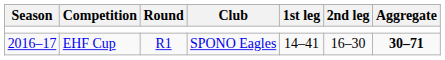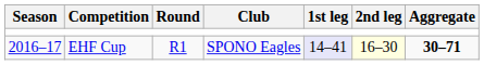 <table class="wikitable">
 <tr>
 <th>Season</th>
 <th>Competition</th>
 <th>Round</th>
 <th>Club</th>
 <th>1st leg</th>
 <th>2nd leg</th>
 <th>Aggregate</th>
 </tr>
 <tr>
 <td colspan="7" bgcolor=white></td>
 </tr>
 <tr>
 <td><a href='#'>2016–17</a></td>
 <td><a href='#'>EHF Cup</a></td>
 <td style="text-align:center;"><a href='#'>R1</a></td>
 <td> <a href='#'>SPONO Eagles</a></td>
-<td style="text-align:center;">14–41</td>
-<td style="text-align:center;">16–30</td>
+<td style="background: lavender; text-align:center;">14–41</td>
+<td style="background: lightyellow; text-align:center;">16–30</td>
 <td style="text-align:center;"><strong>30–71</strong></td>
 </tr>
 </table>
